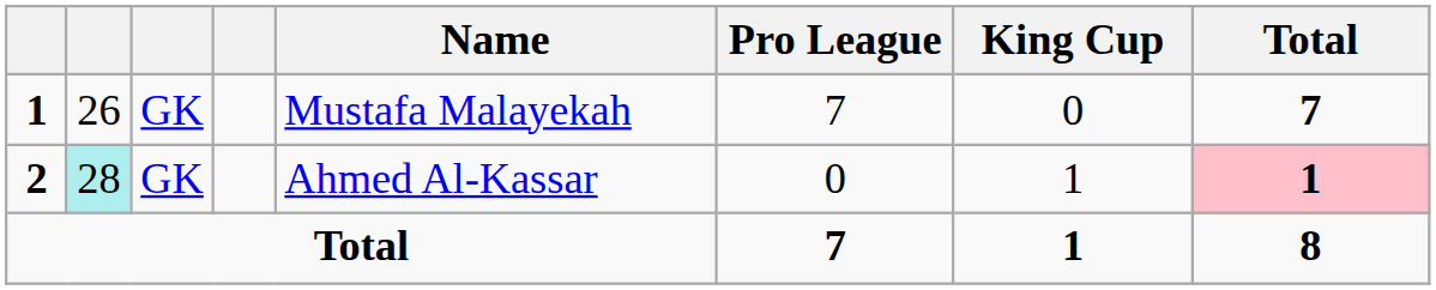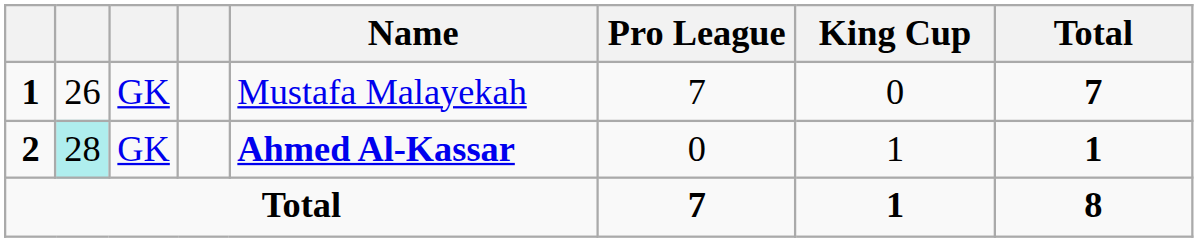 <table class="wikitable" style="text-align:center">
 <tr>
 <th width=15></th>
 <th width=15></th>
 <th width=15></th>
 <th width=15></th>
 <th width=155>Name</th>
 <th width=80>Pro League</th>
 <th width=80>King Cup</th>
 <th width=80>Total</th>
 </tr>
 <tr>
 <td><strong>1</strong></td>
 <td>26</td>
 <td><a href='#'>GK</a></td>
 <td></td>
 <td align=left><a href='#'>Mustafa Malayekah</a></td>
 <td>7</td>
 <td>0</td>
 <td><strong>7</strong></td>
 </tr>
 <tr>
 <td><strong>2</strong></td>
 <td style="background: paleturquoise;">28</td>
 <td><a href='#'>GK</a></td>
 <td></td>
-<td align=left><a href='#'>Ahmed Al-Kassar</a></td>
+<td align=left><strong><a href='#'>Ahmed Al-Kassar</a></strong></td>
 <td>0</td>
 <td>1</td>
-<td style="background: pink;"><strong>1</strong></td>
+<td><strong>1</strong></td>
 </tr>
 <tr>
 <td colspan=5><strong>Total</strong></td>
 <td><strong>7</strong></td>
 <td><strong>1</strong></td>
 <td><strong>8</strong></td>
 </tr>
 </table>
